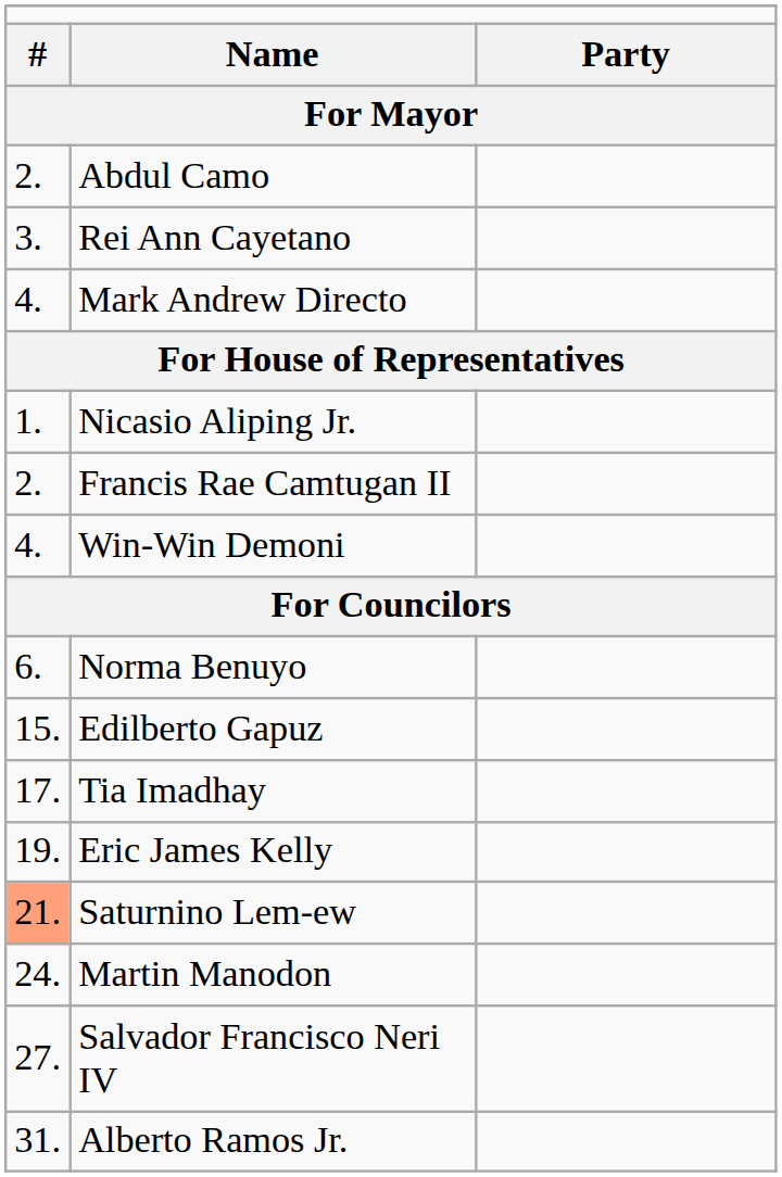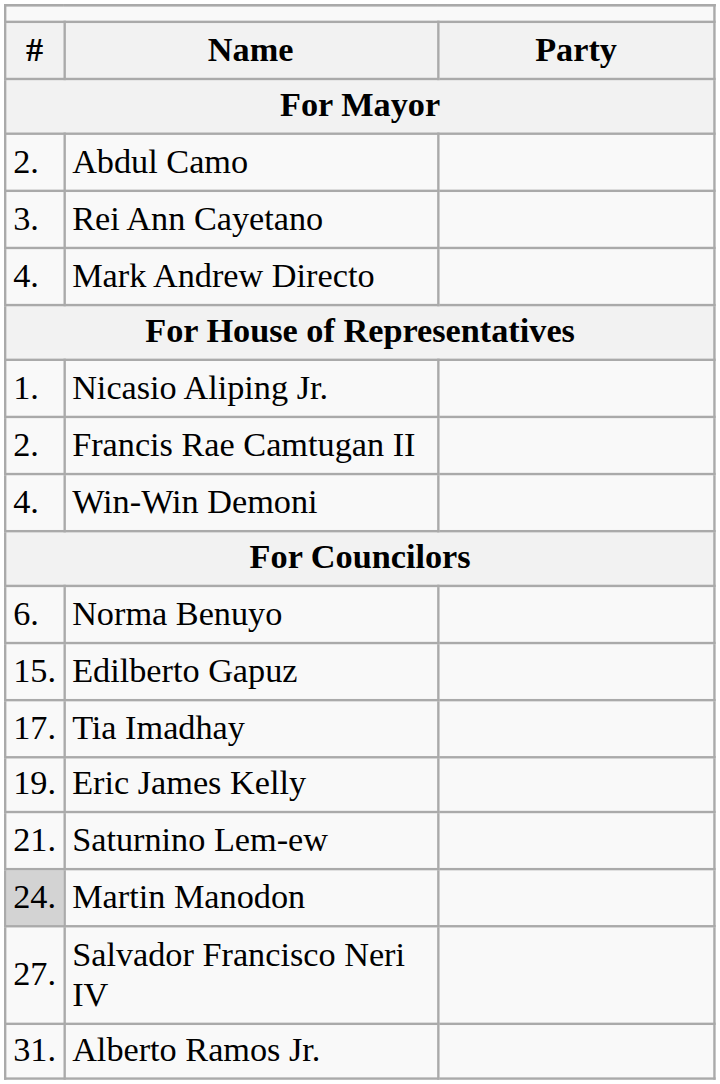 <table class="wikitable" style="font-size:90%">
 <tr>
 </tr>
 <tr>
 <td colspan="4"></td>
 </tr>
 <tr>
 <th>#</th>
 <th width=150px>Name</th>
 <th colspan=2 width=110px>Party</th>
 </tr>
 <tr>
 <th colspan=5>For Mayor</th>
 </tr>
 <tr>
 <td>2.</td>
 <td>Abdul Camo</td>
 <td></td>
 </tr>
 <tr>
 <td>3.</td>
 <td>Rei Ann Cayetano</td>
 <td></td>
 </tr>
 <tr>
 <td>4.</td>
 <td>Mark Andrew Directo</td>
 <td></td>
 </tr>
 <tr>
 <th colspan=5>For House of Representatives</th>
 </tr>
 <tr>
 <td>1.</td>
 <td>Nicasio Aliping Jr.</td>
 <td></td>
 </tr>
 <tr>
 <td>2.</td>
 <td>Francis Rae Camtugan II</td>
 <td></td>
 </tr>
 <tr>
 <td>4.</td>
 <td>Win-Win Demoni</td>
 <td></td>
 </tr>
 <tr>
 <th colspan=5>For Councilors</th>
 </tr>
 <tr>
 <td>6.</td>
 <td>Norma Benuyo</td>
 <td></td>
 </tr>
 <tr>
 <td>15.</td>
 <td>Edilberto Gapuz</td>
 <td></td>
 </tr>
 <tr>
 <td>17.</td>
 <td>Tia Imadhay</td>
 <td></td>
 </tr>
 <tr>
 <td>19.</td>
 <td>Eric James Kelly</td>
 <td></td>
 </tr>
 <tr>
-<td style="background: lightsalmon;">21.</td>
+<td>21.</td>
 <td>Saturnino Lem-ew</td>
 <td></td>
 </tr>
 <tr>
-<td>24.</td>
+<td style="background: lightgrey;">24.</td>
 <td>Martin Manodon</td>
 <td></td>
 </tr>
 <tr>
 <td>27.</td>
 <td>Salvador Francisco Neri IV</td>
 <td></td>
 </tr>
 <tr>
 <td>31.</td>
 <td>Alberto Ramos Jr.</td>
 <td></td>
 </tr>
 </table>
